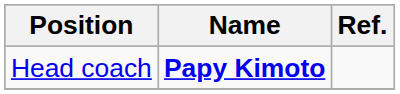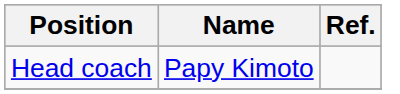 <table class="wikitable">
 <tr>
 <th>Position</th>
 <th>Name</th>
 <th>Ref.</th>
 </tr>
 <tr>
 <td><a href='#'>Head coach</a></td>
-<td><strong><a href='#'>Papy Kimoto</a></strong></td>
+<td><a href='#'>Papy Kimoto</a></td>
 <td></td>
 </tr>
 <tr>
 </tr>
 </table>
